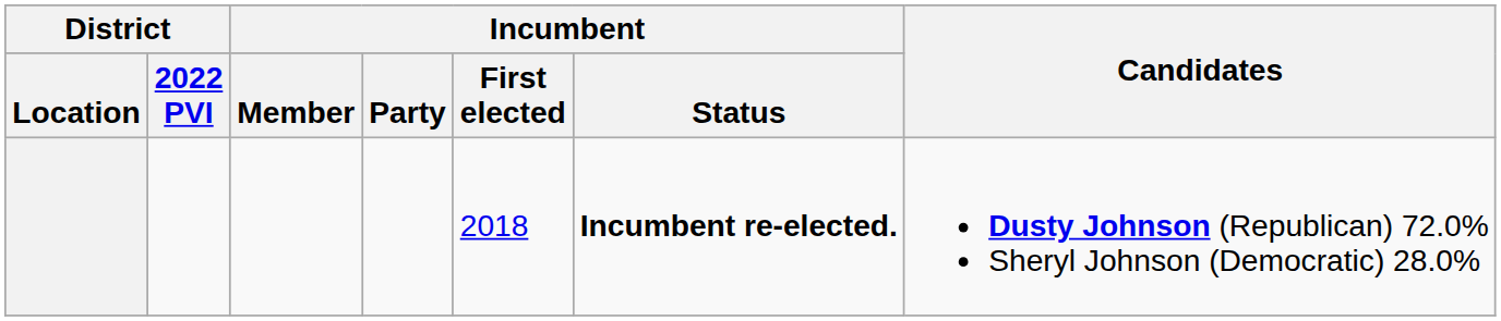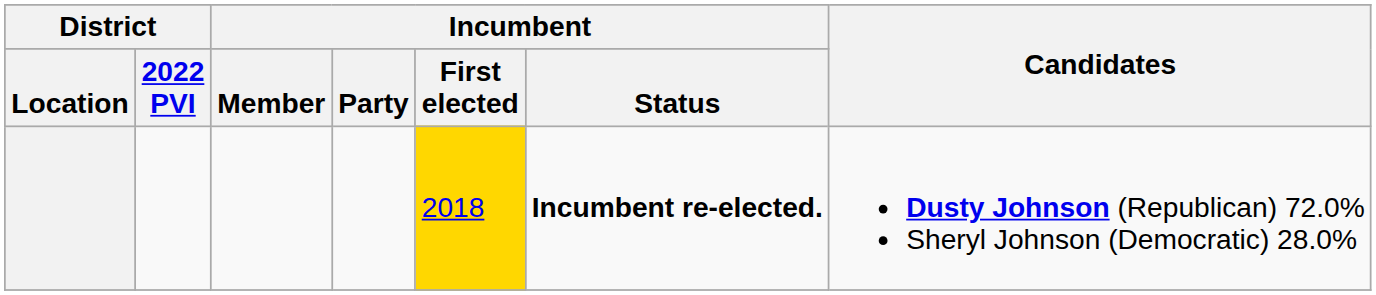 <table class="wikitable sortable">
 <tr>
 <th colspan="2">District</th>
 <th colspan="4">Incumbent</th>
 <th rowspan="2" class="unsortable">Candidates</th>
 </tr>
 <tr valign="bottom">
 <th>Location</th>
 <th><a href='#'>2022<br>PVI</a></th>
 <th>Member</th>
 <th>Party</th>
 <th>First<br>elected</th>
 <th>Status</th>
 </tr>
 <tr>
 <th></th>
 <td></td>
 <td></td>
 <td></td>
-<td><a href='#'>2018</a></td>
+<td style="background: gold;"><a href='#'>2018</a></td>
 <td><strong>Incumbent re-elected.</strong></td>
 <td nowrap=""><br><ul><li> <strong><a href='#'>Dusty Johnson</a></strong> (Republican) 72.0%</li><li>Sheryl Johnson (Democratic) 28.0%</li></ul></td>
 </tr>
 </table>
